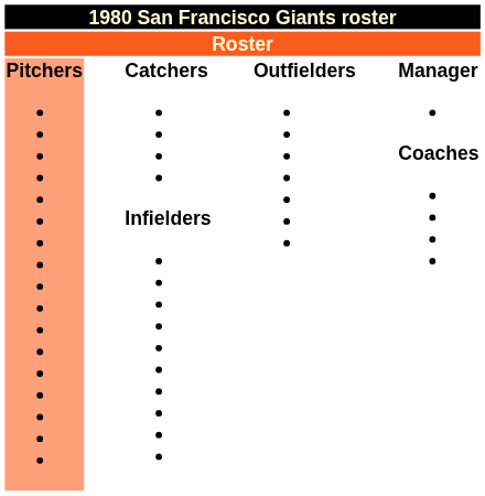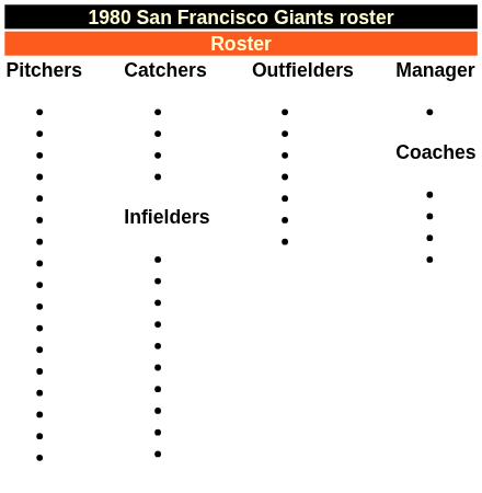 <table class="toccolours" style="font-size: 95%;">
 <tr>
 <th colspan="10" style="background-color: black; color: #FFFDD0; text-align: center;">1980 San Francisco Giants roster</th>
 </tr>
 <tr>
 <td colspan="10" style="background-color: #fd5a1e; color: #FFFDD0; text-align: center;"><strong>Roster</strong></td>
 </tr>
 <tr>
-<td valign="top" style="background: lightsalmon;"><strong>Pitchers</strong><br><ul><li></li><li></li><li></li><li></li><li></li><li></li><li></li><li></li><li></li><li></li><li></li><li></li><li></li><li></li><li></li><li></li><li></li></ul></td>
+<td valign="top"><strong>Pitchers</strong><br><ul><li></li><li></li><li></li><li></li><li></li><li></li><li></li><li></li><li></li><li></li><li></li><li></li><li></li><li></li><li></li><li></li><li></li></ul></td>
 <td width="25px"></td>
 <td valign="top"><strong>Catchers</strong><br><ul><li></li><li></li><li></li><li></li></ul><strong>Infielders</strong><ul><li></li><li></li><li></li><li></li><li></li><li></li><li></li><li></li><li></li><li></li></ul></td>
 <td width="25px"></td>
 <td valign="top"><strong>Outfielders</strong><br><ul><li></li><li></li><li></li><li></li><li></li><li></li><li></li></ul></td>
 <td width="25px"></td>
 <td valign="top"><strong>Manager</strong><br><ul><li></li></ul><strong>Coaches</strong><ul><li></li><li></li><li></li><li></li></ul></td>
 </tr>
 <tr>
 </tr>
 </table>
